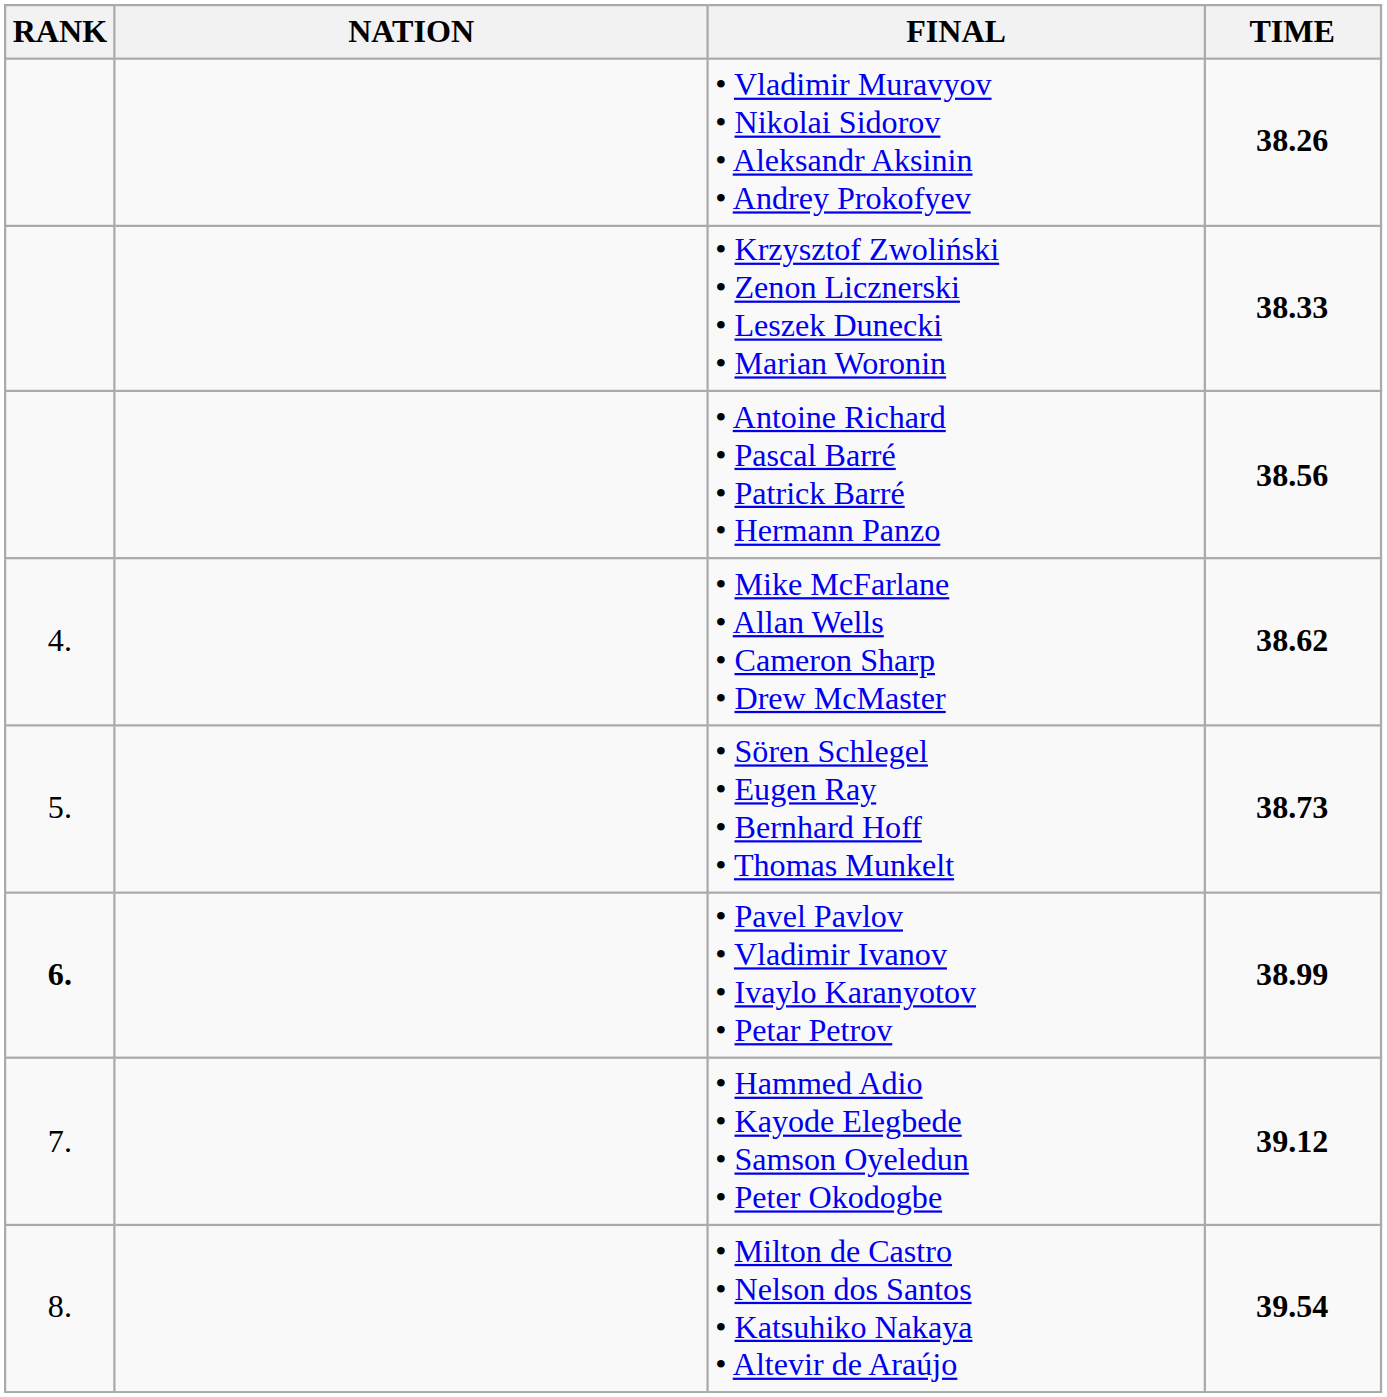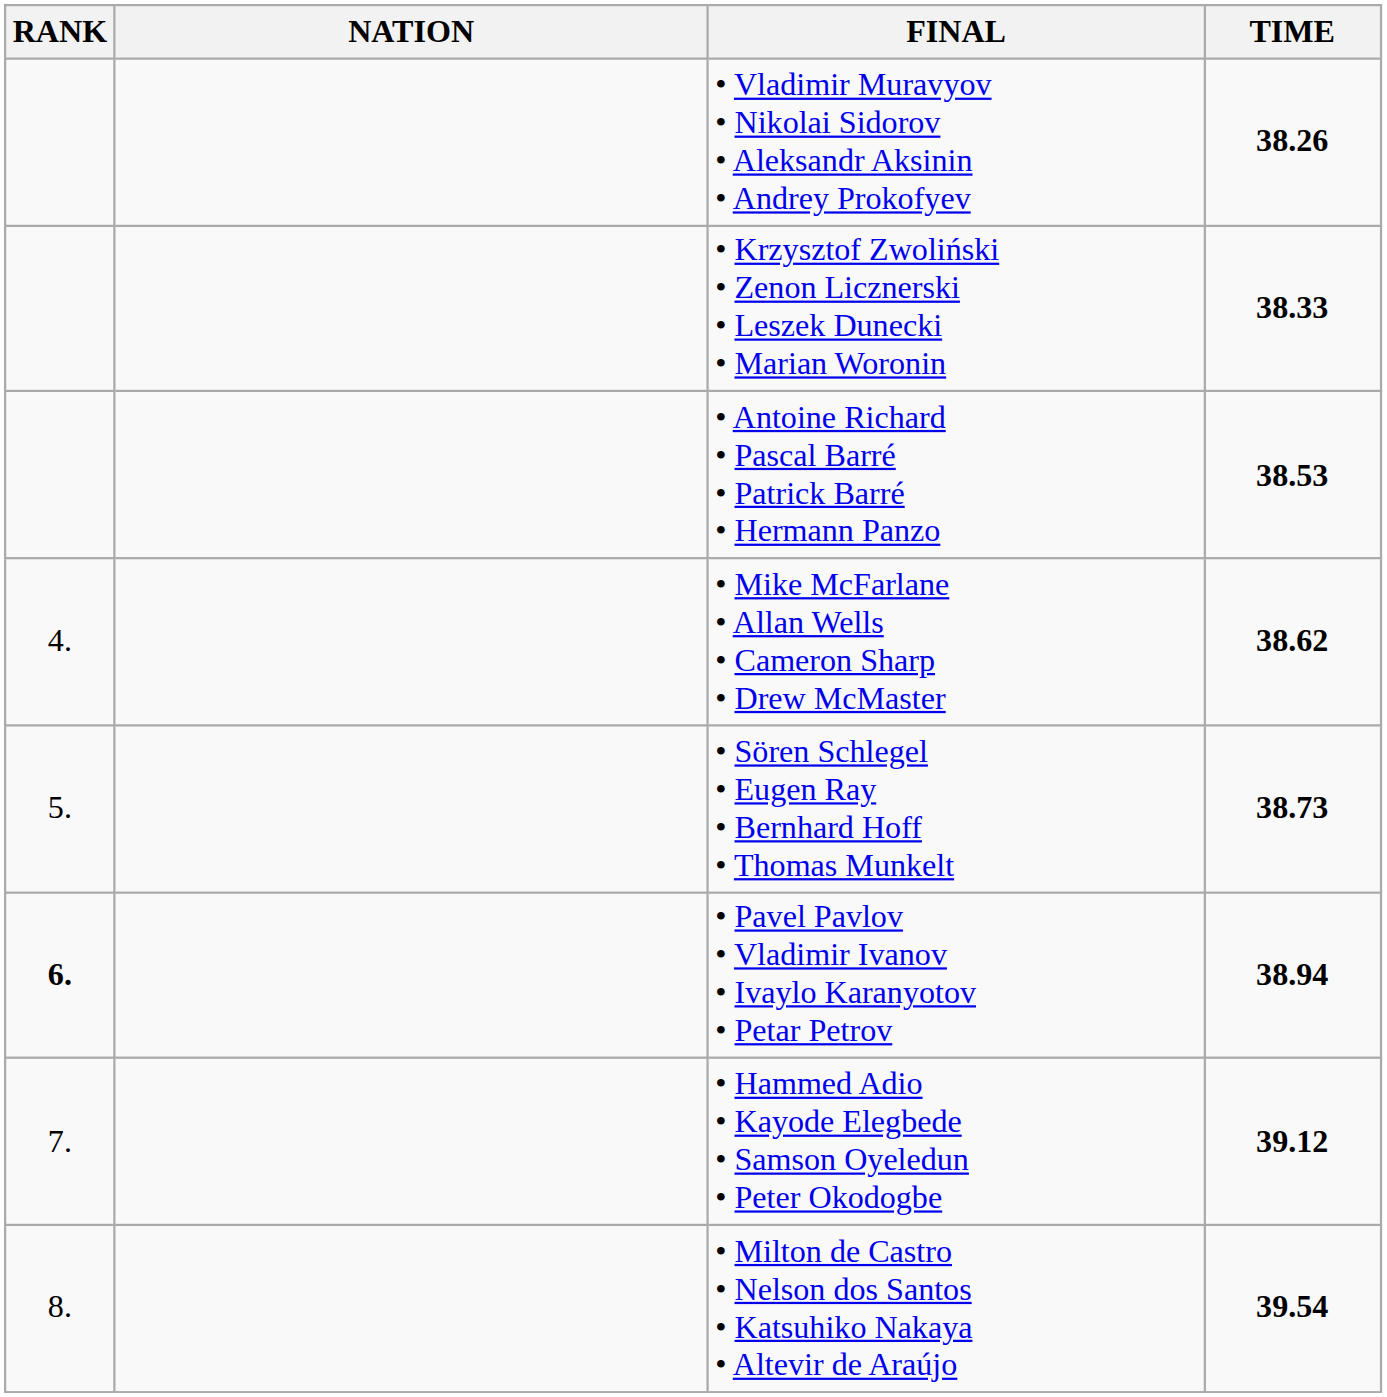 <table class="wikitable" style="border-collapse: collapse; font-size: 90%;">
 <tr>
 <th>RANK</th>
 <th style="width: 18em">NATION</th>
 <th style="width: 15em">FINAL</th>
 <th style="width: 5em">TIME</th>
 </tr>
 <tr>
 <td align="center"></td>
 <td align="center"></td>
 <td>• <a href='#'>Vladimir Muravyov</a><br>• <a href='#'>Nikolai Sidorov</a><br>• <a href='#'>Aleksandr Aksinin</a><br>• <a href='#'>Andrey Prokofyev</a></td>
 <td align="center"><strong>38.26</strong></td>
 </tr>
 <tr>
 <td align="center"></td>
 <td align="center"></td>
 <td>• <a href='#'>Krzysztof Zwoliński</a><br>• <a href='#'>Zenon Licznerski</a><br>• <a href='#'>Leszek Dunecki</a><br>• <a href='#'>Marian Woronin</a></td>
 <td align="center"><strong>38.33</strong></td>
 </tr>
 <tr>
 <td align="center"></td>
 <td align="center"></td>
 <td>• <a href='#'>Antoine Richard</a><br>• <a href='#'>Pascal Barré</a><br>• <a href='#'>Patrick Barré</a><br>• <a href='#'>Hermann Panzo</a></td>
-<td align="center"><strong>38.56</strong></td>
+<td align="center"><strong>38.53</strong></td>
 </tr>
 <tr>
 <td align="center">4.</td>
 <td align="center"></td>
 <td>• <a href='#'>Mike McFarlane</a><br>• <a href='#'>Allan Wells</a><br>• <a href='#'>Cameron Sharp</a><br>• <a href='#'>Drew McMaster</a></td>
 <td align="center"><strong>38.62</strong></td>
 </tr>
 <tr>
 <td align="center">5.</td>
 <td align="center"></td>
 <td>• <a href='#'>Sören Schlegel</a><br>• <a href='#'>Eugen Ray</a><br>• <a href='#'>Bernhard Hoff</a><br>• <a href='#'>Thomas Munkelt</a></td>
 <td align="center"><strong>38.73</strong></td>
 </tr>
 <tr>
 <td align="center"><strong>6.</strong></td>
 <td align="center"></td>
 <td>• <a href='#'>Pavel Pavlov</a><br>• <a href='#'>Vladimir Ivanov</a><br>• <a href='#'>Ivaylo Karanyotov</a><br>• <a href='#'>Petar Petrov</a></td>
-<td align="center"><strong>38.99</strong></td>
+<td align="center"><strong>38.94</strong></td>
 </tr>
 <tr>
 <td align="center">7.</td>
 <td align="center"></td>
 <td>• <a href='#'>Hammed Adio</a><br>• <a href='#'>Kayode Elegbede</a><br>• <a href='#'>Samson Oyeledun</a><br>• <a href='#'>Peter Okodogbe</a></td>
 <td align="center"><strong>39.12</strong></td>
 </tr>
 <tr>
 <td align="center">8.</td>
 <td align="center"></td>
 <td>• <a href='#'>Milton de Castro</a><br>• <a href='#'>Nelson dos Santos</a><br>• <a href='#'>Katsuhiko Nakaya</a><br>• <a href='#'>Altevir de Araújo</a></td>
 <td align="center"><strong>39.54</strong></td>
 </tr>
 </table>
